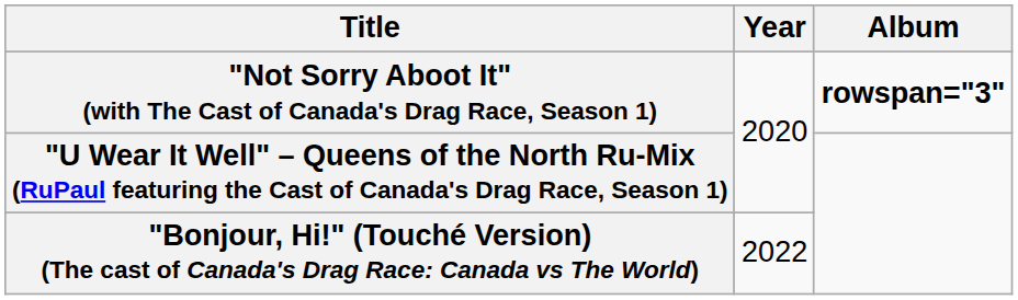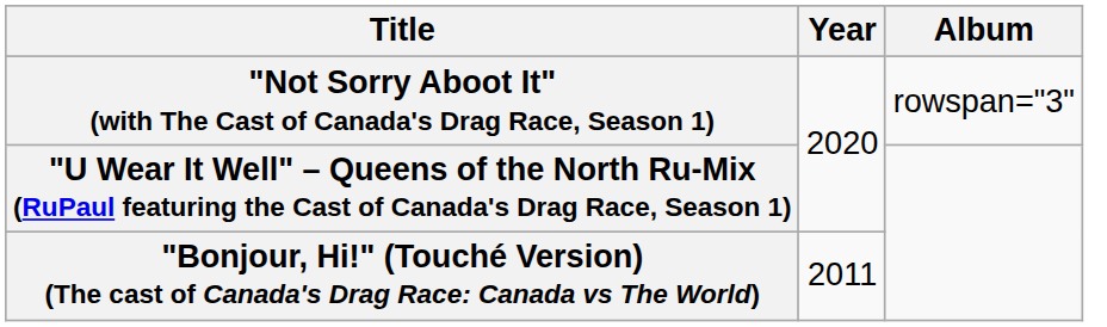 <table class="wikitable plainrowheaders" style="text-align:center;">
 <tr>
 <th scope="col">Title</th>
 <th scope="col">Year</th>
 <th scope="col">Album</th>
 </tr>
 <tr>
 <th scope="row">"Not Sorry Aboot It" <br> <small>(with The Cast of Canada's Drag Race, Season 1)</small></th>
 <td rowspan="2">2020</td>
-<td><strong>rowspan="3" </strong></td>
+<td>rowspan="3" </td>
 </tr>
 <tr>
 <th scope="row">"U Wear It Well" – Queens of the North Ru-Mix <br> <small>(<a href='#'>RuPaul</a> featuring the Cast of Canada's Drag Race, Season 1)</small></th>
 </tr>
 <tr>
 <th scope="row">"Bonjour, Hi!" (Touché Version) <br> <small>(The cast of <em>Canada's Drag Race: Canada vs The World</em>)</small></th>
-<td>2022</td>
+<td>2011</td>
 </tr>
 </table>
